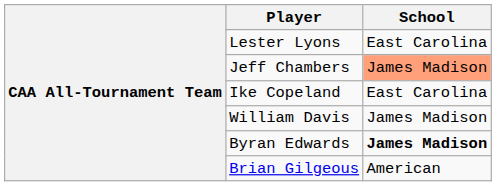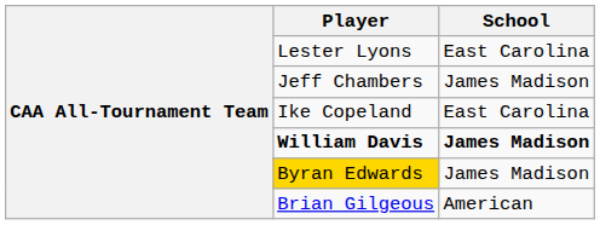 <table class="wikitable" border="1">
 <tr>
 <th rowspan=7 valign=middle>CAA All-Tournament Team</th>
 <th>Player</th>
 <th>School</th>
 </tr>
 <tr>
 <td>Lester Lyons</td>
 <td>East Carolina</td>
 </tr>
 <tr>
 <td>Jeff Chambers</td>
-<td style="background: lightsalmon;">James Madison</td>
+<td>James Madison</td>
 </tr>
 <tr>
 <td>Ike Copeland</td>
 <td>East Carolina</td>
 </tr>
 <tr>
-<td>William Davis</td>
-<td>James Madison</td>
+<td><strong>William Davis</strong></td>
+<td><strong>James Madison</strong></td>
 </tr>
 <tr>
-<td>Byran Edwards</td>
-<td><strong>James Madison</strong></td>
+<td style="background: gold;">Byran Edwards</td>
+<td>James Madison</td>
 </tr>
 <tr>
 <td><a href='#'>Brian Gilgeous</a></td>
 <td>American</td>
 </tr>
 </table>
